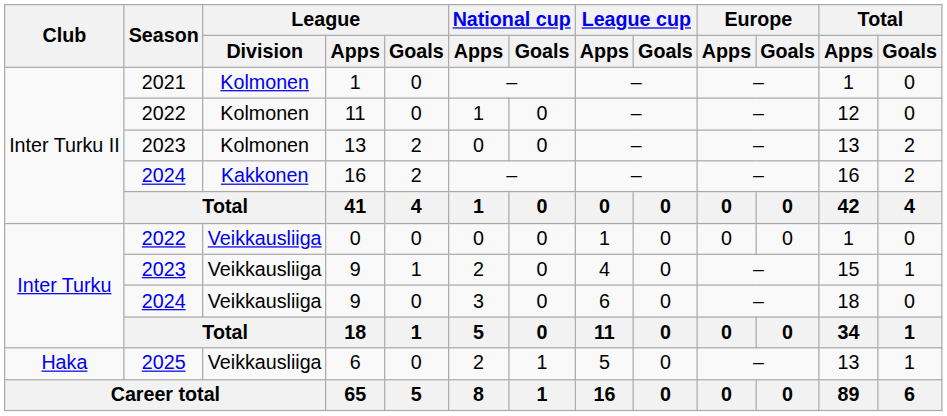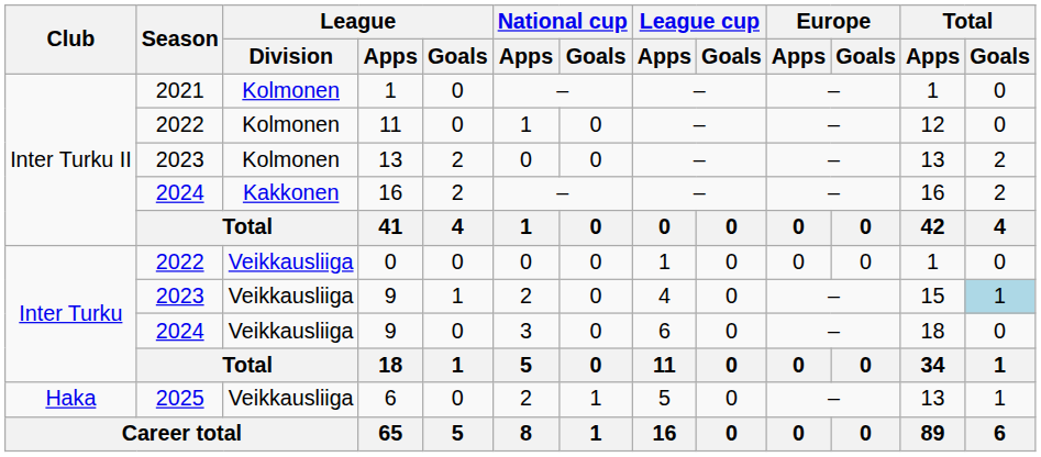 <table class="wikitable" style="text-align:center">
 <tr>
 <th rowspan="2">Club</th>
 <th rowspan="2">Season</th>
 <th colspan="3">League</th>
 <th colspan="2"><a href='#'>National cup</a></th>
 <th colspan="2"><a href='#'>League cup</a></th>
 <th colspan="2">Europe</th>
 <th colspan="2">Total</th>
 </tr>
 <tr>
 <th>Division</th>
 <th>Apps</th>
 <th>Goals</th>
 <th>Apps</th>
 <th>Goals</th>
 <th>Apps</th>
 <th>Goals</th>
 <th>Apps</th>
 <th>Goals</th>
 <th>Apps</th>
 <th>Goals</th>
 </tr>
 <tr>
 <td rowspan=5>Inter Turku II</td>
 <td>2021</td>
 <td><a href='#'>Kolmonen</a></td>
 <td>1</td>
 <td>0</td>
 <td colspan=2>–</td>
 <td colspan=2>–</td>
 <td colspan=2>–</td>
 <td>1</td>
 <td>0</td>
 </tr>
 <tr>
 <td>2022</td>
 <td>Kolmonen</td>
 <td>11</td>
 <td>0</td>
 <td>1</td>
 <td>0</td>
 <td colspan=2>–</td>
 <td colspan=2>–</td>
 <td>12</td>
 <td>0</td>
 </tr>
 <tr>
 <td>2023</td>
 <td>Kolmonen</td>
 <td>13</td>
 <td>2</td>
 <td>0</td>
 <td>0</td>
 <td colspan=2>–</td>
 <td colspan=2>–</td>
 <td>13</td>
 <td>2</td>
 </tr>
 <tr>
 <td><a href='#'>2024</a></td>
 <td><a href='#'>Kakkonen</a></td>
 <td>16</td>
 <td>2</td>
 <td colspan=2>–</td>
 <td colspan=2>–</td>
 <td colspan=2>–</td>
 <td>16</td>
 <td>2</td>
 </tr>
 <tr>
 <th colspan="2">Total</th>
 <th>41</th>
 <th>4</th>
 <th>1</th>
 <th>0</th>
 <th>0</th>
 <th>0</th>
 <th>0</th>
 <th>0</th>
 <th>42</th>
 <th>4</th>
 </tr>
 <tr>
 <td rowspan=4><a href='#'>Inter Turku</a></td>
 <td><a href='#'>2022</a></td>
 <td><a href='#'>Veikkausliiga</a></td>
 <td>0</td>
 <td>0</td>
 <td>0</td>
 <td>0</td>
 <td>1</td>
 <td>0</td>
 <td>0</td>
 <td>0</td>
 <td>1</td>
 <td>0</td>
 </tr>
 <tr>
 <td><a href='#'>2023</a></td>
 <td>Veikkausliiga</td>
 <td>9</td>
 <td>1</td>
 <td>2</td>
 <td>0</td>
 <td>4</td>
 <td>0</td>
 <td colspan=2>–</td>
 <td>15</td>
-<td>1</td>
+<td style="background: lightblue;">1</td>
 </tr>
 <tr>
 <td><a href='#'>2024</a></td>
 <td>Veikkausliiga</td>
 <td>9</td>
 <td>0</td>
 <td>3</td>
 <td>0</td>
 <td>6</td>
 <td>0</td>
 <td colspan=2>–</td>
 <td>18</td>
 <td>0</td>
 </tr>
 <tr>
 <th colspan="2">Total</th>
 <th>18</th>
 <th>1</th>
 <th>5</th>
 <th>0</th>
 <th>11</th>
 <th>0</th>
 <th>0</th>
 <th>0</th>
 <th>34</th>
 <th>1</th>
 </tr>
 <tr>
 <td><a href='#'>Haka</a></td>
 <td><a href='#'>2025</a></td>
 <td>Veikkausliiga</td>
 <td>6</td>
 <td>0</td>
 <td>2</td>
 <td>1</td>
 <td>5</td>
 <td>0</td>
 <td colspan=2>–</td>
 <td>13</td>
 <td>1</td>
 </tr>
 <tr>
 <th colspan="3">Career total</th>
 <th>65</th>
 <th>5</th>
 <th>8</th>
 <th>1</th>
 <th>16</th>
 <th>0</th>
 <th>0</th>
 <th>0</th>
 <th>89</th>
 <th>6</th>
 </tr>
 </table>
